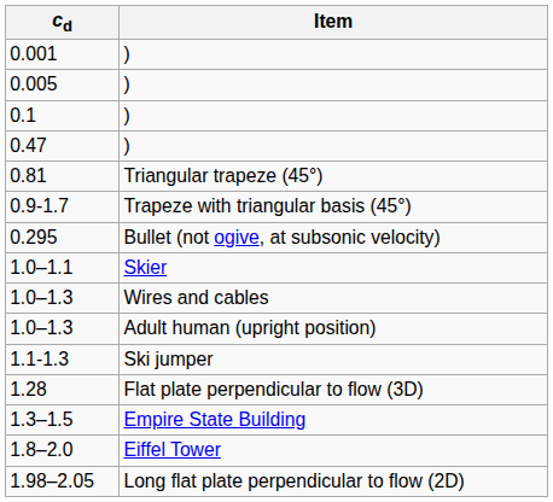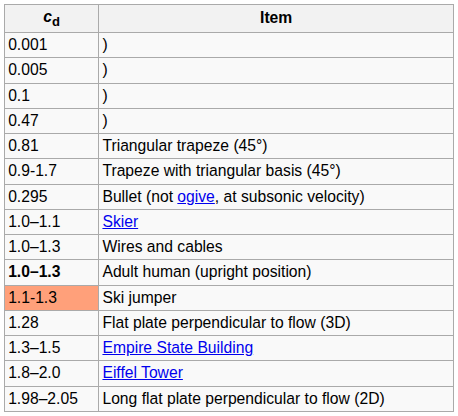 <table class="wikitable sortable" style="font-size:98%; width:450px;">
 <tr>
 <th><em>c</em><sub>d</sub></th>
 <th class="unsortable">Item</th>
 </tr>
 <tr>
 <td>0.001</td>
 <td>)</td>
 </tr>
 <tr>
 <td>0.005</td>
 <td>)</td>
 </tr>
 <tr>
 <td>0.1</td>
 <td>)</td>
 </tr>
 <tr>
 <td>0.47</td>
 <td>)</td>
 </tr>
 <tr>
 <td>0.81</td>
 <td>Triangular trapeze (45°)</td>
 </tr>
 <tr>
 <td>0.9-1.7</td>
 <td>Trapeze with triangular basis (45°)</td>
 </tr>
 <tr>
 <td>0.295</td>
 <td>Bullet (not <a href='#'>ogive</a>, at subsonic velocity)</td>
 </tr>
 <tr>
 <td>1.0–1.1</td>
 <td><a href='#'>Skier</a></td>
 </tr>
 <tr>
 <td>1.0–1.3</td>
 <td>Wires and cables</td>
 </tr>
 <tr>
-<td>1.0–1.3</td>
+<td><strong>1.0–1.3</strong></td>
 <td>Adult human (upright position)</td>
 </tr>
 <tr>
-<td>1.1-1.3</td>
+<td style="background: lightsalmon;">1.1-1.3</td>
 <td>Ski jumper</td>
 </tr>
 <tr>
 <td>1.28</td>
 <td>Flat plate perpendicular to flow (3D)</td>
 </tr>
 <tr>
 <td>1.3–1.5</td>
 <td><a href='#'>Empire State Building</a></td>
 </tr>
 <tr>
 <td>1.8–2.0</td>
 <td><a href='#'>Eiffel Tower</a></td>
 </tr>
 <tr>
 <td>1.98–2.05</td>
 <td>Long flat plate perpendicular to flow (2D)</td>
 </tr>
 </table>
